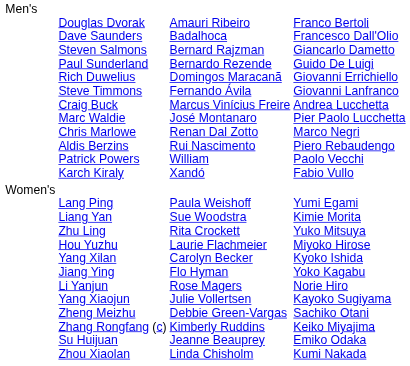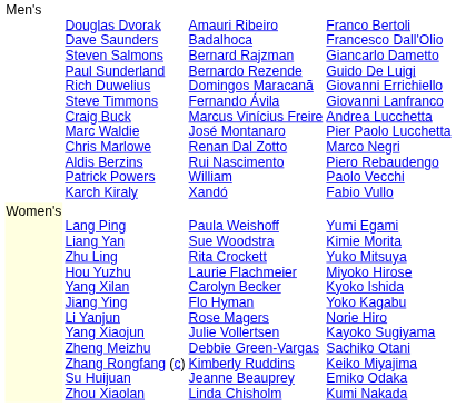 <table>
 <tr valign="top">
 <td>Men's<br></td>
 <td valign=top><br><a href='#'>Douglas Dvorak</a><br><a href='#'>Dave Saunders</a><br><a href='#'>Steven Salmons</a><br><a href='#'>Paul Sunderland</a><br><a href='#'>Rich Duwelius</a><br><a href='#'>Steve Timmons</a><br><a href='#'>Craig Buck</a><br><a href='#'>Marc Waldie</a><br><a href='#'>Chris Marlowe</a> <br><a href='#'>Aldis Berzins</a><br><a href='#'>Patrick Powers</a><br><a href='#'>Karch Kiraly</a></td>
 <td valign=top><br><a href='#'>Amauri Ribeiro</a><br><a href='#'>Badalhoca</a><br><a href='#'>Bernard Rajzman</a><br><a href='#'>Bernardo Rezende</a><br><a href='#'>Domingos Maracanã</a><br><a href='#'>Fernando Ávila</a><br><a href='#'>Marcus Vinícius Freire</a><br><a href='#'>José Montanaro</a><br><a href='#'>Renan Dal Zotto</a><br><a href='#'>Rui Nascimento</a><br><a href='#'>William</a><br><a href='#'>Xandó</a></td>
 <td valign=top><br><a href='#'>Franco Bertoli</a><br><a href='#'>Francesco Dall'Olio</a><br><a href='#'>Giancarlo Dametto</a><br><a href='#'>Guido De Luigi</a><br><a href='#'>Giovanni Errichiello</a><br><a href='#'>Giovanni Lanfranco</a><br><a href='#'>Andrea Lucchetta</a><br><a href='#'>Pier Paolo Lucchetta</a><br><a href='#'>Marco Negri</a><br><a href='#'>Piero Rebaudengo</a><br><a href='#'>Paolo Vecchi</a><br><a href='#'>Fabio Vullo</a></td>
 </tr>
 <tr valign="top">
-<td>Women's<br></td>
+<td style="background: lightyellow;">Women's<br></td>
 <td valign=top><br><a href='#'>Lang Ping</a><br><a href='#'>Liang Yan</a><br><a href='#'>Zhu Ling</a><br><a href='#'>Hou Yuzhu</a><br><a href='#'>Yang Xilan</a><br><a href='#'>Jiang Ying</a><br><a href='#'>Li Yanjun</a><br><a href='#'>Yang Xiaojun</a><br><a href='#'>Zheng Meizhu</a><br><a href='#'>Zhang Rongfang</a> (<a href='#'>c</a>)<br><a href='#'>Su Huijuan</a><br><a href='#'>Zhou Xiaolan</a></td>
 <td valign=top><br><a href='#'>Paula Weishoff</a><br><a href='#'>Sue Woodstra</a><br><a href='#'>Rita Crockett</a><br><a href='#'>Laurie Flachmeier</a><br><a href='#'>Carolyn Becker</a><br><a href='#'>Flo Hyman</a><br><a href='#'>Rose Magers</a><br><a href='#'>Julie Vollertsen</a><br><a href='#'>Debbie Green-Vargas</a><br><a href='#'>Kimberly Ruddins</a><br><a href='#'>Jeanne Beauprey</a><br><a href='#'>Linda Chisholm</a></td>
 <td valign=top><br><a href='#'>Yumi Egami</a><br><a href='#'>Kimie Morita</a><br><a href='#'>Yuko Mitsuya</a><br><a href='#'>Miyoko Hirose</a><br><a href='#'>Kyoko Ishida</a><br><a href='#'>Yoko Kagabu</a><br><a href='#'>Norie Hiro</a><br><a href='#'>Kayoko Sugiyama</a><br><a href='#'>Sachiko Otani</a><br><a href='#'>Keiko Miyajima</a><br><a href='#'>Emiko Odaka</a><br><a href='#'>Kumi Nakada</a></td>
 </tr>
 </table>
